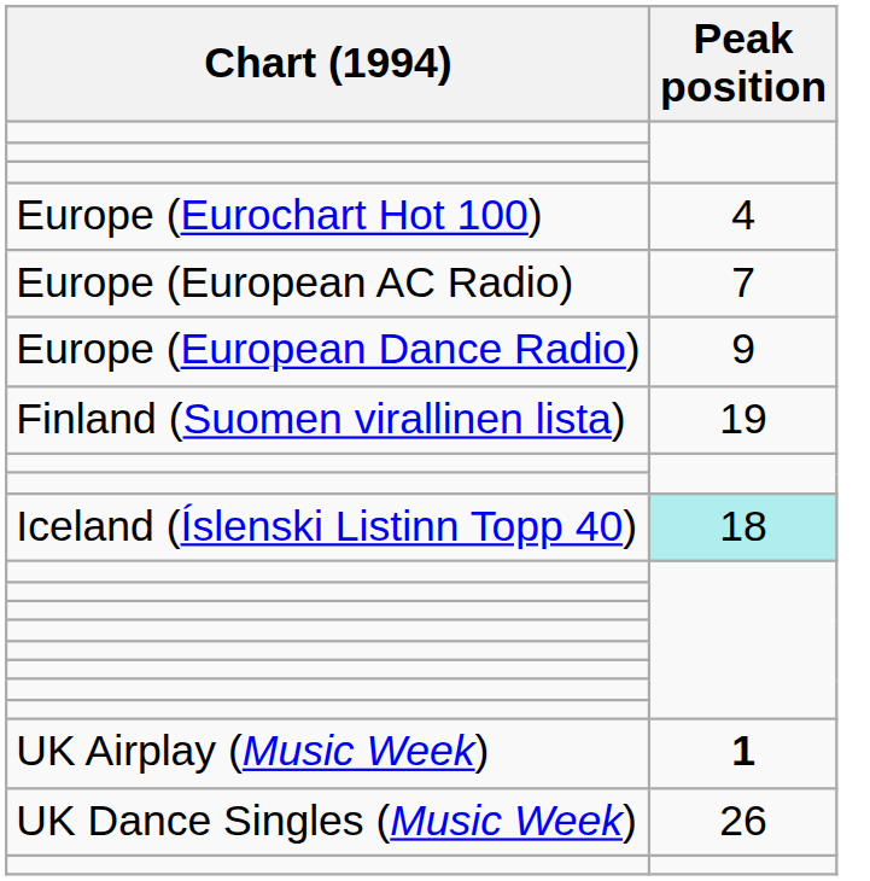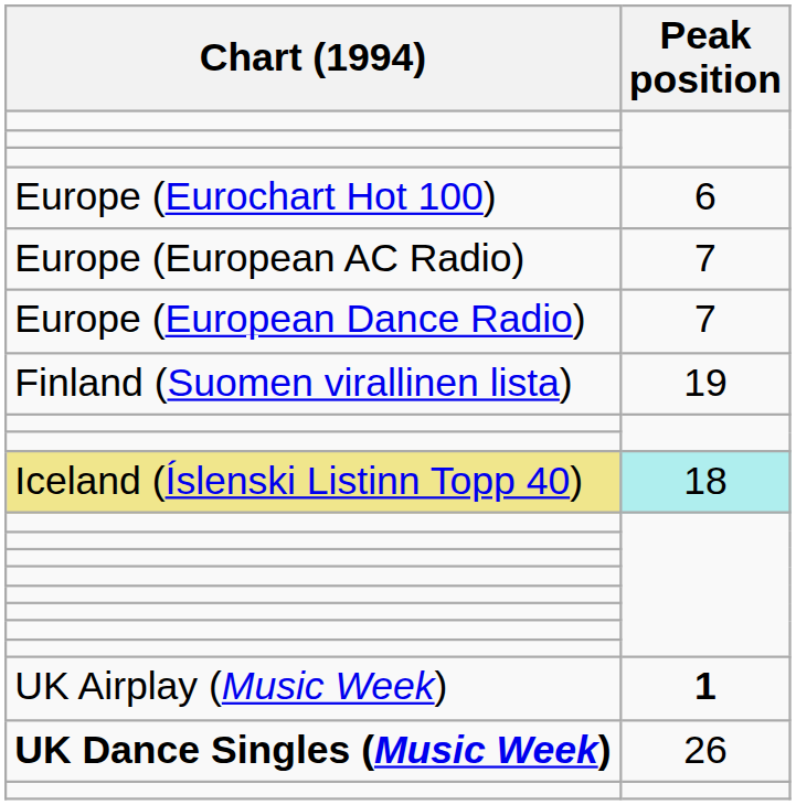 <table class="wikitable sortable">
 <tr>
 <th>Chart (1994)</th>
 <th>Peak<br>position</th>
 </tr>
 <tr>
 <td></td>
 </tr>
 <tr>
 <td></td>
 </tr>
 <tr>
 <td></td>
 </tr>
 <tr>
 <td>Europe (<a href='#'>Eurochart Hot 100</a>)</td>
-<td align="center">4</td>
+<td align="center">6</td>
 </tr>
 <tr>
 <td>Europe (European AC Radio)</td>
 <td align="center">7</td>
 </tr>
 <tr>
 <td>Europe (<a href='#'>European Dance Radio</a>)</td>
-<td align="center">9</td>
+<td align="center">7</td>
 </tr>
 <tr>
 <td>Finland (<a href='#'>Suomen virallinen lista</a>)</td>
 <td align="center">19</td>
 </tr>
 <tr>
 <td></td>
 </tr>
 <tr>
 <td></td>
 </tr>
 <tr>
-<td>Iceland (<a href='#'>Íslenski Listinn Topp 40</a>)</td>
+<td style="background: khaki;">Iceland (<a href='#'>Íslenski Listinn Topp 40</a>)</td>
 <td align="center" style="background: paleturquoise;">18</td>
 </tr>
 <tr>
 <td></td>
 </tr>
 <tr>
 <td></td>
 </tr>
 <tr>
 <td></td>
 </tr>
 <tr>
 <td></td>
 </tr>
 <tr>
 <td></td>
 </tr>
 <tr>
 <td></td>
 </tr>
 <tr>
 <td></td>
 </tr>
 <tr>
 <td></td>
 </tr>
 <tr>
 <td>UK Airplay (<em><a href='#'>Music Week</a></em>)</td>
 <td align="center"><strong>1</strong></td>
 </tr>
 <tr>
-<td>UK Dance Singles (<em><a href='#'>Music Week</a></em>)</td>
+<td><strong>UK Dance Singles (<em><a href='#'>Music Week</a></em>)</strong></td>
 <td align="center">26</td>
 </tr>
 <tr>
 <td></td>
 </tr>
 </table>
